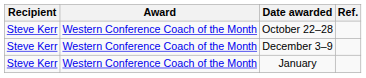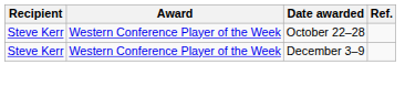 <table class="wikitable sortable mw-collapsible" style="text-align: center">
 <tr>
 <th>Recipient</th>
 <th>Award</th>
 <th>Date awarded</th>
 <th>Ref.</th>
 </tr>
 <tr>
 <td><a href='#'>Steve Kerr</a></td>
-<td><a href='#'>Western Conference Coach of the Month</a></td>
+<td><a href='#'>Western Conference Player of the Week</a></td>
 <td>October 22–28</td>
 <td></td>
 </tr>
 <tr>
 <td><a href='#'>Steve Kerr</a></td>
-<td><a href='#'>Western Conference Coach of the Month</a></td>
+<td><a href='#'>Western Conference Player of the Week</a></td>
 <td>December 3–9</td>
 <td></td>
 </tr>
-<tr>
-<td><a href='#'>Steve Kerr</a></td>
-<td><a href='#'>Western Conference Coach of the Month</a></td>
-<td>January</td>
-<td></td>
-</tr>
 </table>
